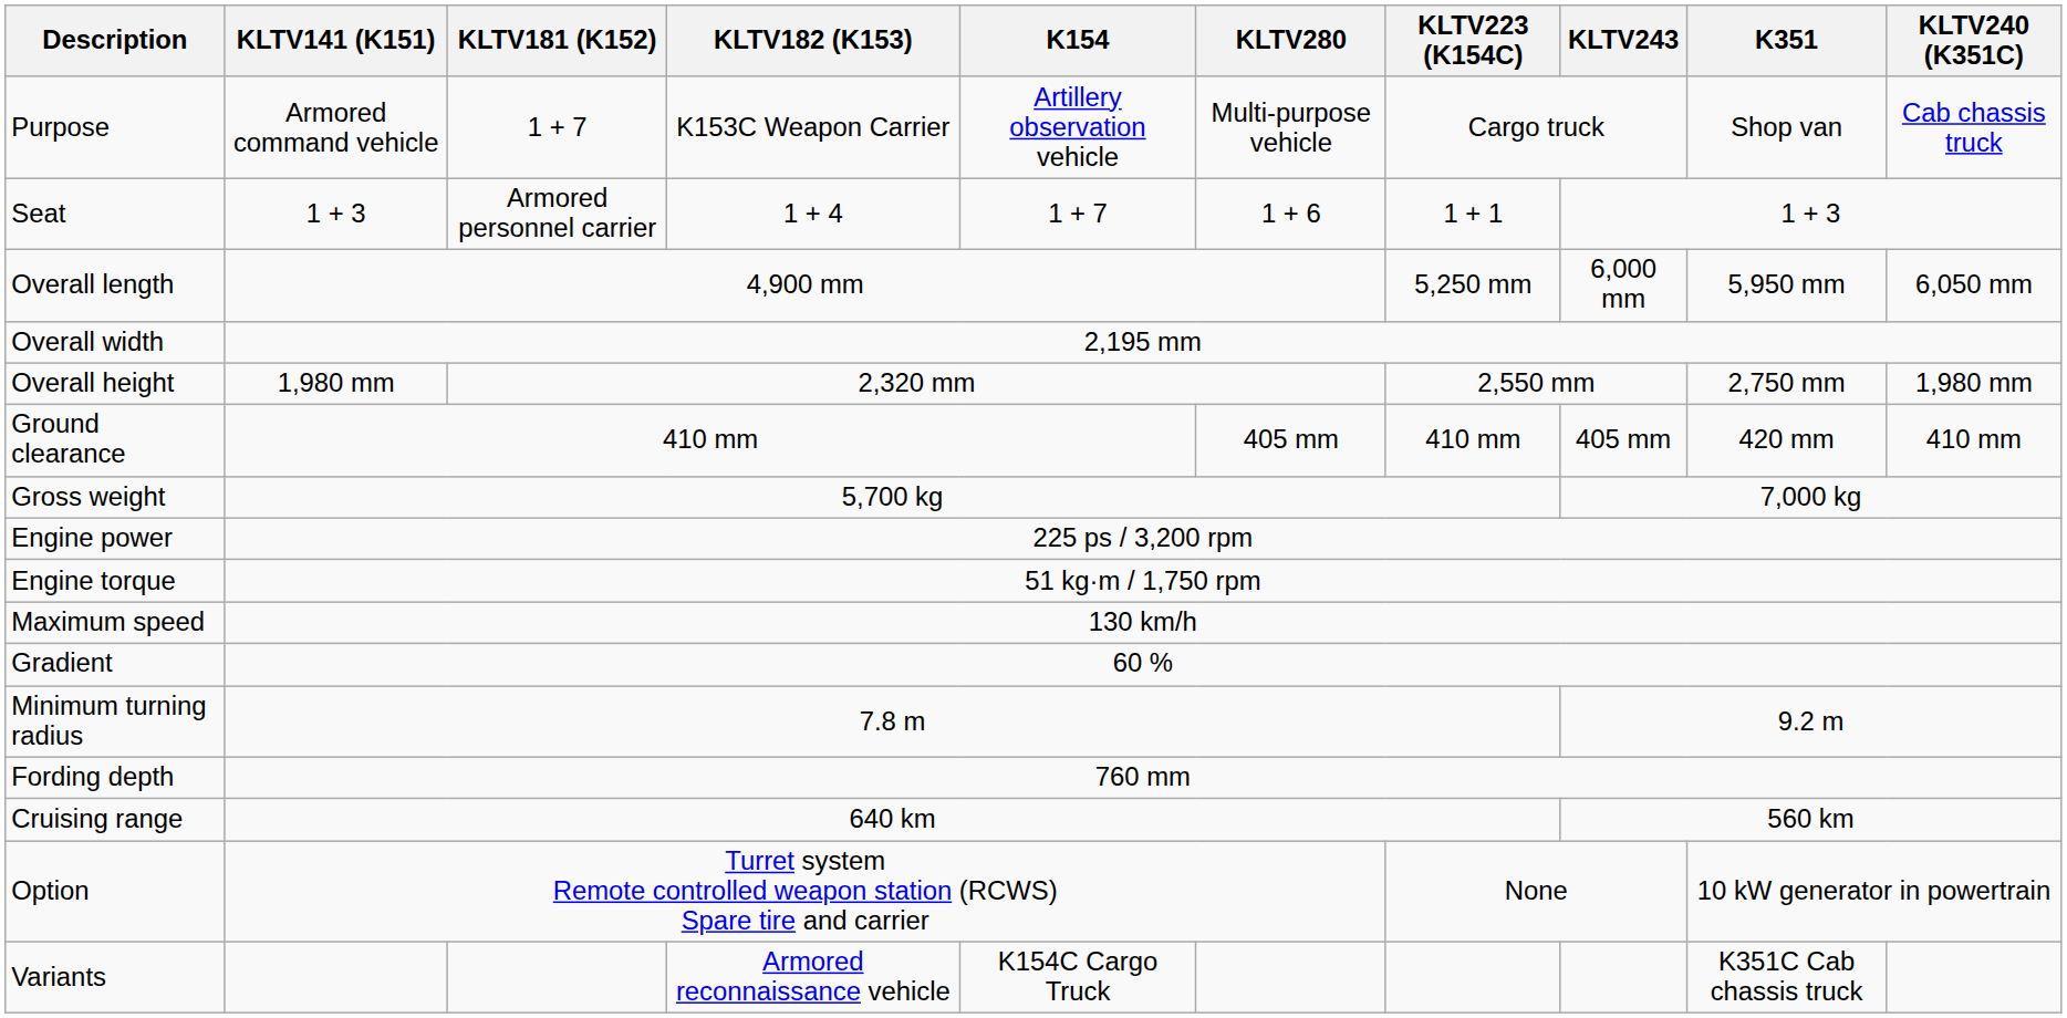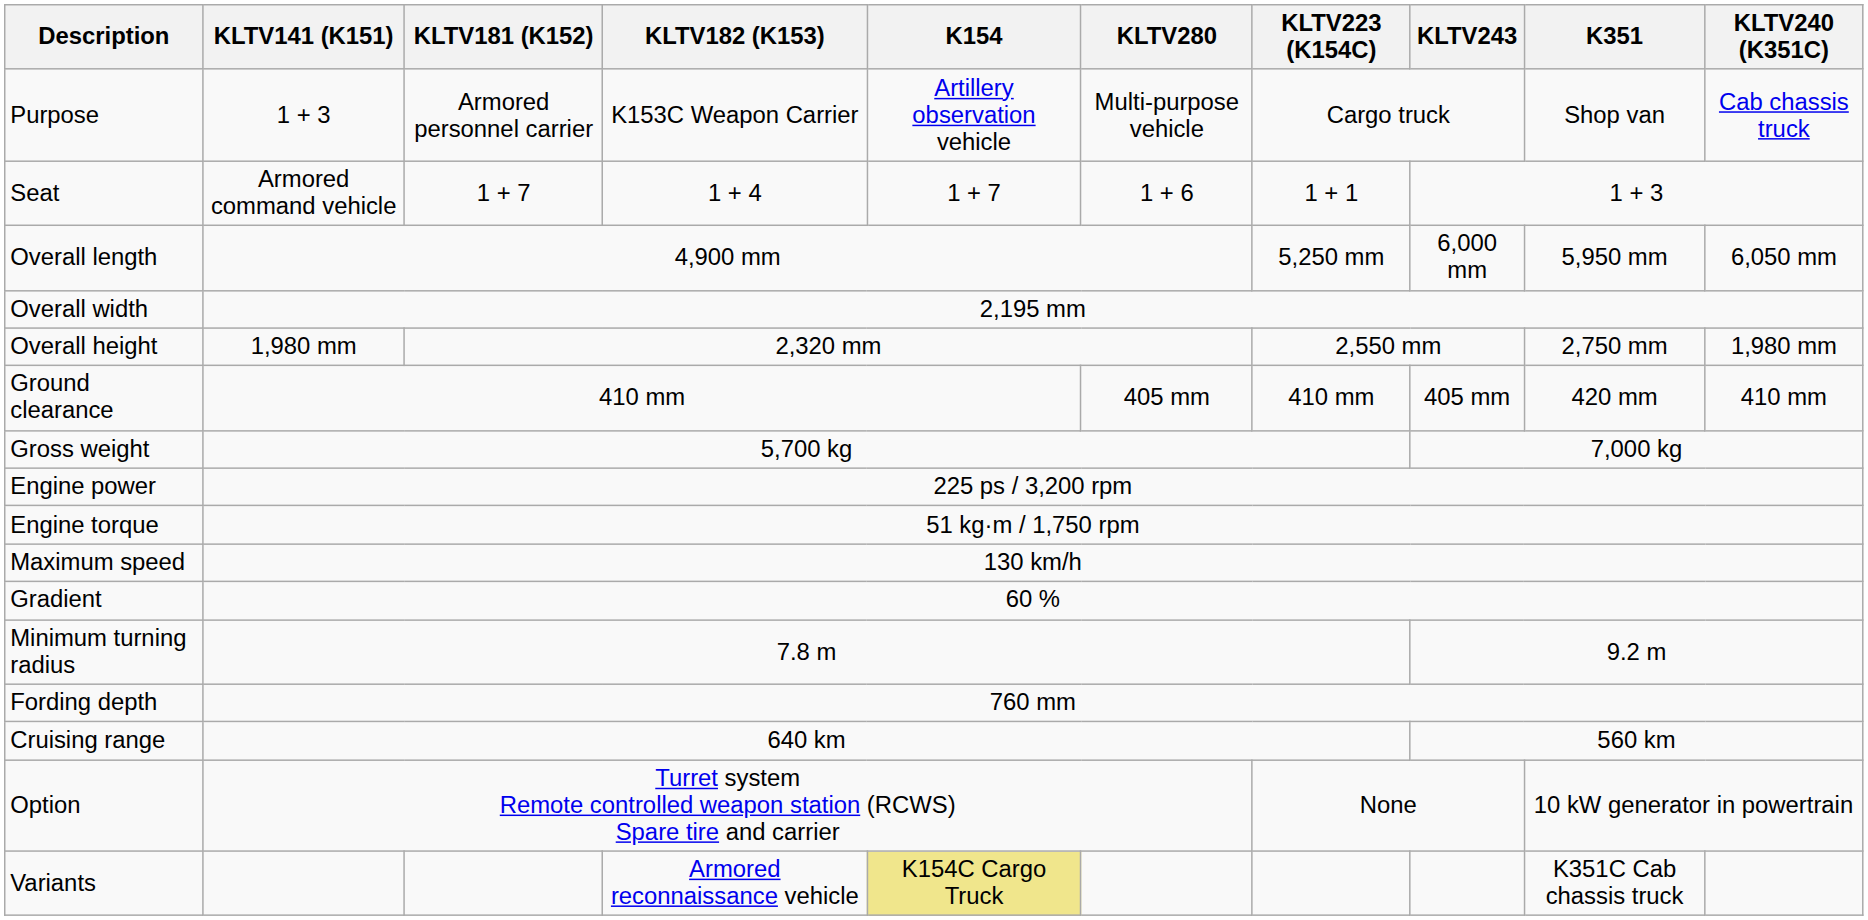 <table class="wikitable">
 <tr>
 <th>Description</th>
 <th style="text-align:center;">KLTV141 (K151)</th>
 <th style="text-align:center;">KLTV181 (K152)</th>
 <th style="text-align:center;">KLTV182 (K153)</th>
 <th style="text-align:center;">K154</th>
 <th style="text-align:center;">KLTV280</th>
 <th style="text-align:center;">KLTV223 (K154C)</th>
 <th style="text-align:center;">KLTV243</th>
 <th style="text-align:center;">K351</th>
 <th style="text-align:center;">KLTV240 (K351C)</th>
 </tr>
 <tr>
 <td>Purpose</td>
-<td style="text-align:center;">Armored command vehicle</td>
-<td style="text-align:center;">1 + 7</td>
+<td style="text-align:center;">1 + 3</td>
+<td style="text-align:center;">Armored personnel carrier</td>
 <td style="text-align:center;">K153C Weapon Carrier</td>
 <td style="text-align:center;"><a href='#'>Artillery observation</a> vehicle</td>
 <td style="text-align:center;">Multi-purpose vehicle</td>
 <td colspan="2" style="text-align:center;">Cargo truck</td>
 <td style="text-align:center;">Shop van</td>
 <td style="text-align:center;"><a href='#'>Cab chassis truck</a></td>
 </tr>
 <tr>
 <td>Seat</td>
-<td style="text-align:center;">1 + 3</td>
-<td style="text-align:center;">Armored personnel carrier</td>
+<td style="text-align:center;">Armored command vehicle</td>
+<td style="text-align:center;">1 + 7</td>
 <td style="text-align:center;">1 + 4</td>
 <td style="text-align:center;">1 + 7</td>
 <td style="text-align:center;">1 + 6</td>
 <td style="text-align:center;">1 + 1</td>
 <td colspan="3" style="text-align:center;">1 + 3</td>
 </tr>
 <tr>
 <td>Overall length</td>
 <td colspan="5" style="text-align:center;">4,900 mm</td>
 <td style="text-align:center;">5,250 mm</td>
 <td style="text-align:center;">6,000 mm</td>
 <td style="text-align:center;">5,950 mm</td>
 <td style="text-align:center;">6,050 mm</td>
 </tr>
 <tr>
 <td>Overall width</td>
 <td colspan="9" style="text-align:center;">2,195 mm</td>
 </tr>
 <tr>
 <td>Overall height</td>
 <td style="text-align:center;">1,980 mm</td>
 <td colspan="4" style="text-align:center;">2,320 mm</td>
 <td colspan="2" style="text-align:center;">2,550 mm</td>
 <td style="text-align:center;">2,750 mm</td>
 <td style="text-align:center;">1,980 mm</td>
 </tr>
 <tr>
 <td>Ground clearance</td>
 <td colspan="4" style="text-align:center;">410 mm</td>
 <td style="text-align:center;">405 mm</td>
 <td style="text-align:center;">410 mm</td>
 <td style="text-align:center;">405 mm</td>
 <td style="text-align:center;">420 mm</td>
 <td style="text-align:center;">410 mm</td>
 </tr>
 <tr>
 <td>Gross weight</td>
 <td colspan="6" style="text-align:center;">5,700 kg</td>
 <td colspan="3" style="text-align:center;">7,000 kg</td>
 </tr>
 <tr>
 <td>Engine power</td>
 <td colspan="9" style="text-align:center;">225 ps / 3,200 rpm</td>
 </tr>
 <tr>
 <td>Engine torque</td>
 <td colspan="9" style="text-align:center;">51 kg·m / 1,750 rpm</td>
 </tr>
 <tr>
 <td>Maximum speed</td>
 <td colspan="9" style="text-align:center;">130 km/h</td>
 </tr>
 <tr>
 <td>Gradient</td>
 <td colspan="9" style="text-align:center;">60 %</td>
 </tr>
 <tr>
 <td>Minimum turning radius</td>
 <td colspan="6" style="text-align:center;">7.8 m</td>
 <td colspan="3" style="text-align:center;">9.2 m</td>
 </tr>
 <tr>
 <td>Fording depth</td>
 <td colspan="9" style="text-align:center;">760 mm</td>
 </tr>
 <tr>
 <td>Cruising range</td>
 <td colspan="6" style="text-align:center;">640 km</td>
 <td colspan="3" style="text-align:center;">560 km</td>
 </tr>
 <tr>
 <td>Option</td>
 <td colspan="5" style="text-align:center;"><a href='#'>Turret</a> system <br><a href='#'>Remote controlled weapon station</a> (RCWS) <br><a href='#'>Spare tire</a> and carrier</td>
 <td colspan="2" style="text-align:center;">None</td>
 <td colspan="2" style="text-align:center;">10 kW generator in powertrain</td>
 </tr>
 <tr>
 <td>Variants</td>
 <td></td>
 <td></td>
 <td style="text-align:center;"><a href='#'>Armored reconnaissance</a> vehicle</td>
-<td style="text-align:center;">K154C Cargo Truck</td>
+<td style="background: khaki; text-align:center;">K154C Cargo Truck</td>
 <td></td>
 <td></td>
 <td></td>
 <td style="text-align:center;">K351C Cab chassis truck</td>
 <td></td>
 </tr>
 </table>
